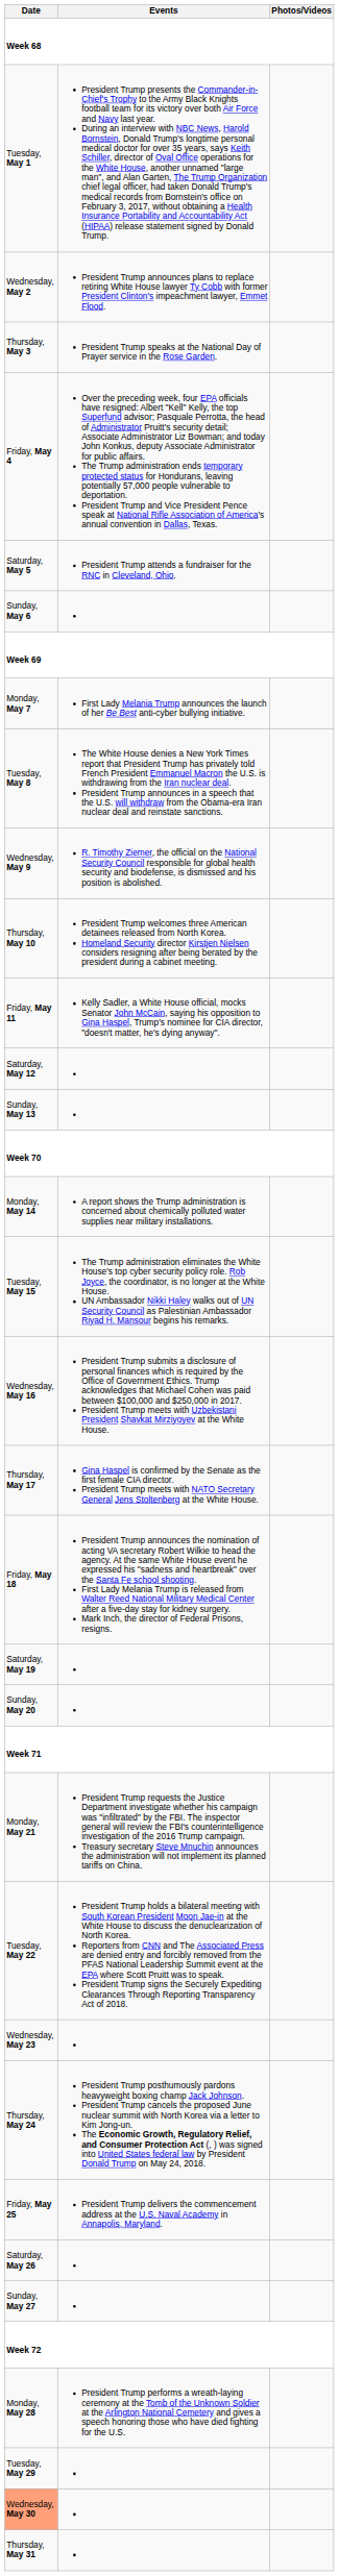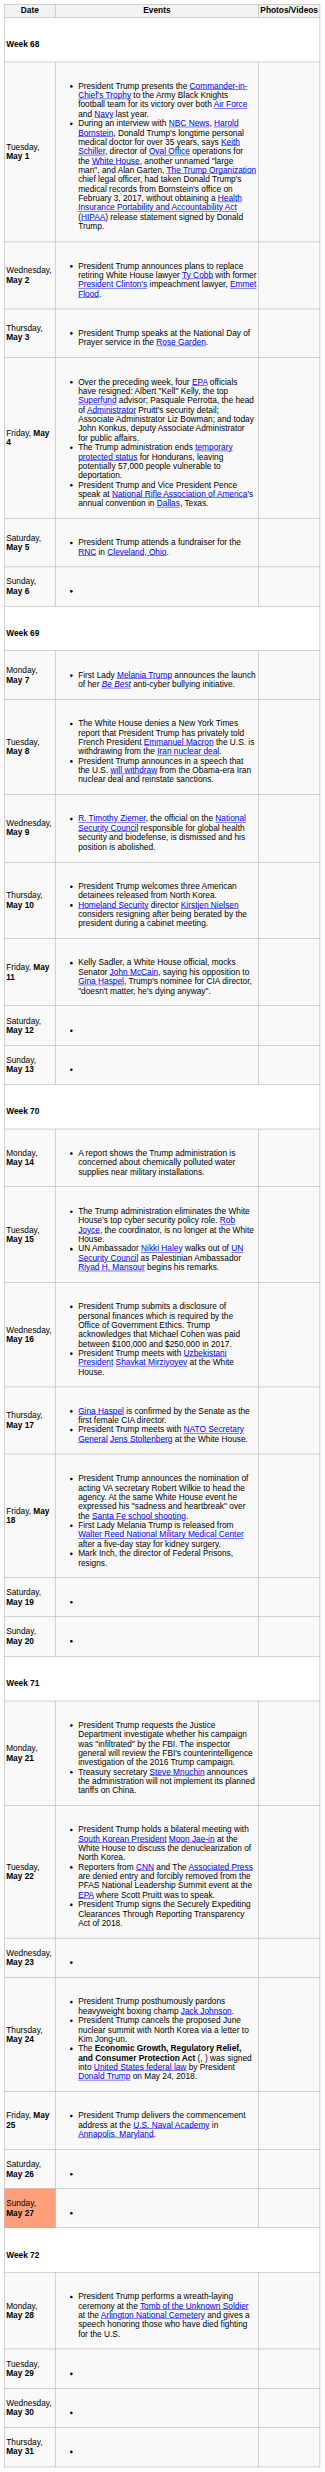 <table class="wikitable">
 <tr>
 <th>Date</th>
 <th>Events</th>
 <th>Photos/Videos</th>
 </tr>
 <tr style="background:white;">
 <td colspan="3"><br><h4>Week 68</h4></td>
 </tr>
 <tr>
 <td>Tuesday, <strong>May 1</strong></td>
 <td><br><ul><li>President Trump presents the <a href='#'>Commander-in-Chief's Trophy</a> to the Army Black Knights football team for its victory over both <a href='#'>Air Force</a> and <a href='#'>Navy</a> last year.</li><li>During an interview with <a href='#'>NBC News</a>, <a href='#'>Harold Bornstein</a>, Donald Trump's longtime personal medical doctor for over 35 years, says <a href='#'>Keith Schiller</a>, director of <a href='#'>Oval Office</a> operations for the <a href='#'>White House</a>, another unnamed "large man", and Alan Garten, <a href='#'>The Trump Organization</a> chief legal officer, had taken Donald Trump's medical records from Bornstein's office on February 3, 2017, without obtaining a <a href='#'>Health Insurance Portability and Accountability Act</a> (<a href='#'>HIPAA</a>) release statement signed by Donald Trump.</li></ul></td>
 <td></td>
 </tr>
 <tr>
 <td>Wednesday, <strong>May 2</strong></td>
 <td><br><ul><li>President Trump announces plans to replace retiring White House lawyer <a href='#'>Ty Cobb</a> with former <a href='#'>President Clinton's</a> impeachment lawyer, <a href='#'>Emmet Flood</a>.</li></ul></td>
 <td></td>
 </tr>
 <tr>
 <td>Thursday, <strong>May 3</strong></td>
 <td><br><ul><li>President Trump speaks at the National Day of Prayer service in the <a href='#'>Rose Garden</a>.</li></ul></td>
 <td></td>
 </tr>
 <tr>
 <td>Friday, <strong>May 4</strong></td>
 <td><br><ul><li>Over the preceding week, four <a href='#'>EPA</a> officials have resigned: Albert "Kell" Kelly, the top <a href='#'>Superfund</a> advisor; Pasquale Perrotta, the head of <a href='#'>Administrator</a> Pruitt's security detail; Associate Administrator Liz Bowman; and today John Konkus, deputy Associate Administrator for public affairs.</li><li>The Trump administration ends <a href='#'>temporary protected status</a> for Hondurans, leaving potentially 57,000 people vulnerable to deportation.</li><li>President Trump and Vice President Pence speak at <a href='#'>National Rifle Association of America</a>'s annual convention in <a href='#'>Dallas</a>, Texas.</li></ul></td>
 <td></td>
 </tr>
 <tr>
 <td>Saturday, <strong>May 5</strong></td>
 <td><br><ul><li>President Trump attends a fundraiser for the <a href='#'>RNC</a> in <a href='#'>Cleveland, Ohio</a>.</li></ul></td>
 <td></td>
 </tr>
 <tr>
 <td>Sunday, <strong>May 6</strong></td>
 <td><br><ul><li></li></ul></td>
 <td></td>
 </tr>
 <tr style="background:white;">
 <td colspan="3"><br><h4>Week 69</h4></td>
 </tr>
 <tr>
 <td>Monday, <strong>May 7</strong></td>
 <td><br><ul><li>First Lady <a href='#'>Melania Trump</a> announces the launch of her <em><a href='#'>Be Best</a></em> anti-cyber bullying initiative.</li></ul></td>
 <td></td>
 </tr>
 <tr>
 <td>Tuesday, <strong>May 8</strong></td>
 <td><br><ul><li>The White House denies a New York Times report that President Trump has privately told French President <a href='#'>Emmanuel Macron</a> the U.S. is withdrawing from the <a href='#'>Iran nuclear deal</a>.</li><li>President Trump announces in a speech that the U.S. <a href='#'>will withdraw</a> from the Obama-era Iran nuclear deal and reinstate sanctions.</li></ul></td>
 <td></td>
 </tr>
 <tr>
 <td>Wednesday, <strong>May 9</strong></td>
 <td><br><ul><li><a href='#'>R. Timothy Ziemer</a>, the official on the <a href='#'>National Security Council</a> responsible for global health security and biodefense, is dismissed and his position is abolished.</li></ul></td>
 <td></td>
 </tr>
 <tr>
 <td>Thursday, <strong>May 10</strong></td>
 <td><br><ul><li>President Trump welcomes three American detainees released from North Korea.</li><li><a href='#'>Homeland Security</a> director <a href='#'>Kirstjen Nielsen</a> considers resigning after being berated by the president during a cabinet meeting.</li></ul></td>
 <td></td>
 </tr>
 <tr>
 <td>Friday, <strong>May 11</strong></td>
 <td><br><ul><li>Kelly Sadler, a White House official, mocks Senator <a href='#'>John McCain</a>, saying his opposition to <a href='#'>Gina Haspel</a>, Trump's nominee for CIA director, "doesn't matter, he's dying anyway".</li></ul></td>
 <td></td>
 </tr>
 <tr>
 <td>Saturday, <strong>May 12</strong></td>
 <td><br><ul><li></li></ul></td>
 <td></td>
 </tr>
 <tr>
 <td>Sunday, <strong>May 13</strong></td>
 <td><br><ul><li></li></ul></td>
 <td></td>
 </tr>
 <tr style="background:white;">
 <td colspan="3"><br><h4>Week 70</h4></td>
 </tr>
 <tr>
 <td>Monday, <strong>May 14</strong></td>
 <td><br><ul><li>A report shows the Trump administration is concerned about chemically polluted water supplies near military installations.</li></ul></td>
 <td></td>
 </tr>
 <tr>
 <td>Tuesday, <strong>May 15</strong></td>
 <td><br><ul><li>The Trump administration eliminates the White House's top cyber security policy role. <a href='#'>Rob Joyce</a>, the coordinator, is no longer at the White House.</li><li>UN Ambassador <a href='#'>Nikki Haley</a> walks out of <a href='#'>UN Security Council</a> as Palestinian Ambassador <a href='#'>Riyad H. Mansour</a> begins his remarks.</li></ul></td>
 <td></td>
 </tr>
 <tr>
 <td>Wednesday, <strong>May 16</strong></td>
 <td><br><ul><li>President Trump submits a disclosure of personal finances which is required by the Office of Government Ethics. Trump acknowledges that Michael Cohen was paid between $100,000 and $250,000 in 2017.</li><li>President Trump meets with <a href='#'>Uzbekistani President</a> <a href='#'>Shavkat Mirziyoyev</a> at the White House.</li></ul></td>
 <td></td>
 </tr>
 <tr>
 <td>Thursday, <strong>May 17</strong></td>
 <td><br><ul><li><a href='#'>Gina Haspel</a> is confirmed by the Senate as the first female CIA director.</li><li>President Trump meets with <a href='#'>NATO Secretary General</a> <a href='#'>Jens Stoltenberg</a> at the White House.</li></ul></td>
 <td></td>
 </tr>
 <tr>
 <td>Friday, <strong>May 18</strong></td>
 <td><br><ul><li>President Trump announces the nomination of acting VA secretary Robert Wilkie to head the agency. At the same White House event he expressed his "sadness and heartbreak" over the <a href='#'>Santa Fe school shooting</a>.</li><li>First Lady Melania Trump is released from <a href='#'>Walter Reed National Military Medical Center</a> after a five-day stay for kidney surgery.</li><li>Mark Inch, the director of Federal Prisons, resigns.</li></ul></td>
 <td></td>
 </tr>
 <tr>
 <td>Saturday, <strong>May 19</strong></td>
 <td><br><ul><li></li></ul></td>
 <td></td>
 </tr>
 <tr>
 <td>Sunday, <strong>May 20</strong></td>
 <td><br><ul><li></li></ul></td>
 <td></td>
 </tr>
 <tr style="background:white;">
 <td colspan="3"><br><h4>Week 71</h4></td>
 </tr>
 <tr>
 <td>Monday, <strong>May 21</strong></td>
 <td><br><ul><li>President Trump requests the Justice Department investigate whether his campaign was "infiltrated" by the FBI. The inspector general will review the FBI's counterintelligence investigation of the 2016 Trump campaign.</li><li>Treasury secretary <a href='#'>Steve Mnuchin</a> announces the administration will not implement its planned tariffs on China.</li></ul></td>
 <td></td>
 </tr>
 <tr>
 <td>Tuesday, <strong>May 22</strong></td>
 <td><br><ul><li>President Trump holds a bilateral meeting with <a href='#'>South Korean President</a> <a href='#'>Moon Jae-in</a> at the White House to discuss the denuclearization of North Korea.</li><li>Reporters from <a href='#'>CNN</a> and The <a href='#'>Associated Press</a> are denied entry and forcibly removed from the PFAS National Leadership Summit event at the <a href='#'>EPA</a> where Scott Pruitt was to speak.</li><li>President Trump signs the Securely Expediting Clearances Through Reporting Transparency Act of 2018.</li></ul></td>
 <td></td>
 </tr>
 <tr>
 <td>Wednesday, <strong>May 23</strong></td>
 <td><br><ul><li></li></ul></td>
 <td></td>
 </tr>
 <tr>
 <td>Thursday, <strong>May 24</strong></td>
 <td><br><ul><li>President Trump posthumously pardons heavyweight boxing champ <a href='#'>Jack Johnson</a>.</li><li>President Trump cancels the proposed June nuclear summit with North Korea via a letter to Kim Jong-un.</li><li>The <strong>Economic Growth, Regulatory Relief, and Consumer Protection Act</strong> (, ) was signed into <a href='#'>United States federal law</a> by President <a href='#'>Donald Trump</a> on May 24, 2018.</li></ul></td>
 <td></td>
 </tr>
 <tr>
 <td>Friday, <strong>May 25</strong></td>
 <td><br><ul><li>President Trump delivers the commencement address at the <a href='#'>U.S. Naval Academy</a> in <a href='#'>Annapolis, Maryland</a>.</li></ul></td>
 <td></td>
 </tr>
 <tr>
 <td>Saturday, <strong>May 26</strong></td>
 <td><br><ul><li></li></ul></td>
 <td></td>
 </tr>
 <tr>
-<td>Sunday, <strong>May 27</strong></td>
+<td style="background: lightsalmon;">Sunday, <strong>May 27</strong></td>
 <td><br><ul><li></li></ul></td>
 <td></td>
 </tr>
 <tr style="background:white;">
 <td colspan="3"><br><h4>Week 72</h4></td>
 </tr>
 <tr>
 <td>Monday, <strong>May 28</strong></td>
 <td><br><ul><li>President Trump performs a wreath-laying ceremony at the <a href='#'>Tomb of the Unknown Soldier</a> at the <a href='#'>Arlington National Cemetery</a> and gives a speech honoring those who have died fighting for the U.S.</li></ul></td>
 <td></td>
 </tr>
 <tr>
 <td>Tuesday, <strong>May 29</strong></td>
 <td><br><ul><li></li></ul></td>
 <td></td>
 </tr>
 <tr>
-<td style="background: lightsalmon;">Wednesday, <strong>May 30</strong></td>
+<td>Wednesday, <strong>May 30</strong></td>
 <td><br><ul><li></li></ul></td>
 <td></td>
 </tr>
 <tr>
 <td>Thursday, <strong>May 31</strong></td>
 <td><br><ul><li></li></ul></td>
 <td></td>
 </tr>
 </table>
